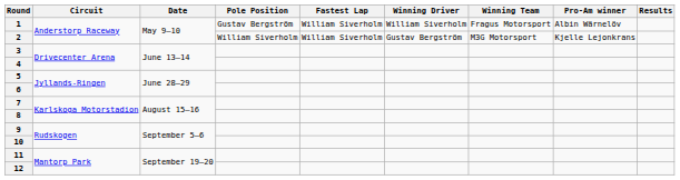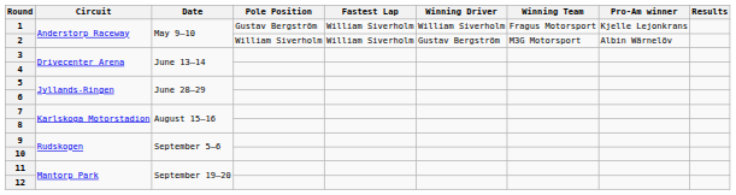 <table class="wikitable" style="font-size: 85%">
 <tr>
 <th>Round</th>
 <th>Circuit</th>
 <th>Date</th>
 <th>Pole Position</th>
 <th>Fastest Lap</th>
 <th>Winning Driver</th>
 <th>Winning Team</th>
 <th>Pro-Am winner</th>
 <th>Results</th>
 </tr>
 <tr>
 <th>1</th>
 <td rowspan="2"> <a href='#'>Anderstorp Raceway</a></td>
 <td rowspan="2" nowrap>May 9–10</td>
 <td> Gustav Bergström</td>
 <td> William Siverholm</td>
 <td> William Siverholm</td>
 <td> Fragus Motorsport</td>
-<td> Albin Wärnelöv</td>
+<td> Kjelle Lejonkrans</td>
 <td></td>
 </tr>
 <tr>
 <th>2</th>
 <td> William Siverholm</td>
 <td> William Siverholm</td>
 <td> Gustav Bergström</td>
 <td> M3G Motorsport</td>
-<td> Kjelle Lejonkrans</td>
+<td> Albin Wärnelöv</td>
 <td></td>
 </tr>
 <tr>
 <th>3</th>
 <td rowspan="2"> <a href='#'>Drivecenter Arena</a></td>
 <td rowspan="2" nowrap>June 13–14</td>
 <td></td>
 <td></td>
 <td></td>
 <td nowrap=""></td>
 <td></td>
 <td></td>
 </tr>
 <tr>
 <th>4</th>
 <td></td>
 <td></td>
 <td></td>
 <td nowrap=""></td>
 <td></td>
 <td></td>
 </tr>
 <tr>
 <th>5</th>
 <td rowspan="2"> <a href='#'>Jyllands-Ringen</a></td>
 <td rowspan="2" nowrap>June 28–29</td>
 <td></td>
 <td></td>
 <td></td>
 <td></td>
 <td></td>
 <td></td>
 </tr>
 <tr>
 <th>6</th>
 <td></td>
 <td></td>
 <td></td>
 <td></td>
 <td></td>
 <td></td>
 </tr>
 <tr>
 <th>7</th>
 <td rowspan="2"> <a href='#'>Karlskoga Motorstadion</a></td>
 <td rowspan="2" nowrap>August 15–16</td>
 <td></td>
 <td></td>
 <td></td>
 <td></td>
 <td></td>
 <td></td>
 </tr>
 <tr>
 <th>8</th>
 <td></td>
 <td></td>
 <td></td>
 <td></td>
 <td></td>
 <td></td>
 </tr>
 <tr>
 <th>9</th>
 <td rowspan="2"> <a href='#'>Rudskogen</a></td>
 <td rowspan="2" nowrap>September 5–6</td>
 <td></td>
 <td></td>
 <td></td>
 <td></td>
 <td></td>
 <td></td>
 </tr>
 <tr>
 <th>10</th>
 <td></td>
 <td></td>
 <td></td>
 <td></td>
 <td></td>
 <td></td>
 </tr>
 <tr>
 <th>11</th>
 <td rowspan="2"> <a href='#'>Mantorp Park</a></td>
 <td rowspan="2" nowrap>September 19–20</td>
 <td></td>
 <td></td>
 <td></td>
 <td></td>
 <td></td>
 <td></td>
 </tr>
 <tr>
 <th>12</th>
 <td></td>
 <td></td>
 <td></td>
 <td></td>
 <td></td>
 <td></td>
 </tr>
 </table>
